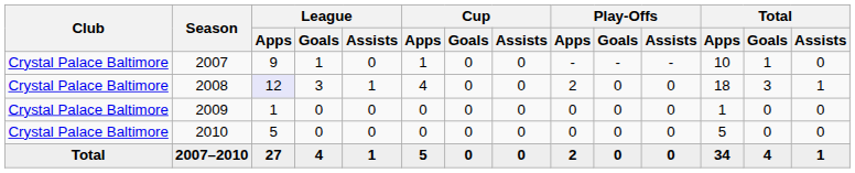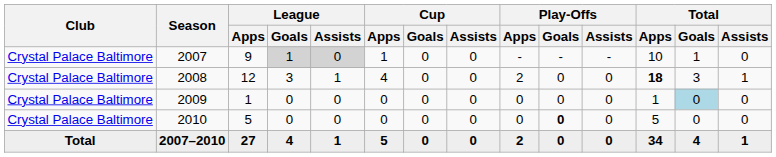 <table class="wikitable" style="text-align: center;">
 <tr>
 <th rowspan="2">Club</th>
 <th rowspan="2">Season</th>
 <th colspan="3">League</th>
 <th colspan="3">Cup</th>
 <th colspan="3">Play-Offs</th>
 <th colspan="3">Total</th>
 </tr>
 <tr>
 <th>Apps</th>
 <th>Goals</th>
 <th>Assists</th>
 <th>Apps</th>
 <th>Goals</th>
 <th>Assists</th>
 <th>Apps</th>
 <th>Goals</th>
 <th>Assists</th>
 <th>Apps</th>
 <th>Goals</th>
 <th>Assists</th>
 </tr>
 <tr>
 <td rowspan="1" valign="top"><a href='#'>Crystal Palace Baltimore</a></td>
 <td>2007</td>
 <td>9</td>
-<td>1</td>
-<td>0</td>
+<td style="background: lightgrey;">1</td>
+<td style="background: lightgrey;">0</td>
 <td>1</td>
 <td>0</td>
 <td>0</td>
 <td>-</td>
 <td>-</td>
 <td>-</td>
 <td>10</td>
 <td>1</td>
 <td>0</td>
 </tr>
 <tr>
 <td><a href='#'>Crystal Palace Baltimore</a></td>
 <td>2008</td>
-<td style="background: lavender;">12</td>
+<td>12</td>
 <td>3</td>
 <td>1</td>
 <td>4</td>
 <td>0</td>
 <td>0</td>
 <td>2</td>
 <td>0</td>
 <td>0</td>
-<td>18</td>
+<td><strong>18</strong></td>
 <td>3</td>
 <td>1</td>
 </tr>
 <tr>
 <td><a href='#'>Crystal Palace Baltimore</a></td>
 <td>2009</td>
 <td>1</td>
 <td>0</td>
 <td>0</td>
 <td>0</td>
 <td>0</td>
 <td>0</td>
 <td>0</td>
 <td>0</td>
 <td>0</td>
 <td>1</td>
-<td>0</td>
+<td style="background: lightblue;">0</td>
 <td>0</td>
 </tr>
 <tr>
 <td><a href='#'>Crystal Palace Baltimore</a></td>
 <td>2010</td>
 <td>5</td>
 <td>0</td>
 <td>0</td>
 <td>0</td>
 <td>0</td>
 <td>0</td>
 <td>0</td>
-<td>0</td>
+<td><strong>0</strong></td>
 <td>0</td>
 <td>5</td>
 <td>0</td>
 <td>0</td>
 </tr>
 <tr style="font-weight:bold; background-color:#eeeeee;">
 <td><strong>Total</strong></td>
 <td>2007–2010</td>
 <td>27</td>
 <td>4</td>
 <td>1</td>
 <td>5</td>
 <td>0</td>
 <td>0</td>
 <td>2</td>
 <td>0</td>
 <td>0</td>
 <td>34</td>
 <td>4</td>
 <td>1</td>
 </tr>
 </table>
